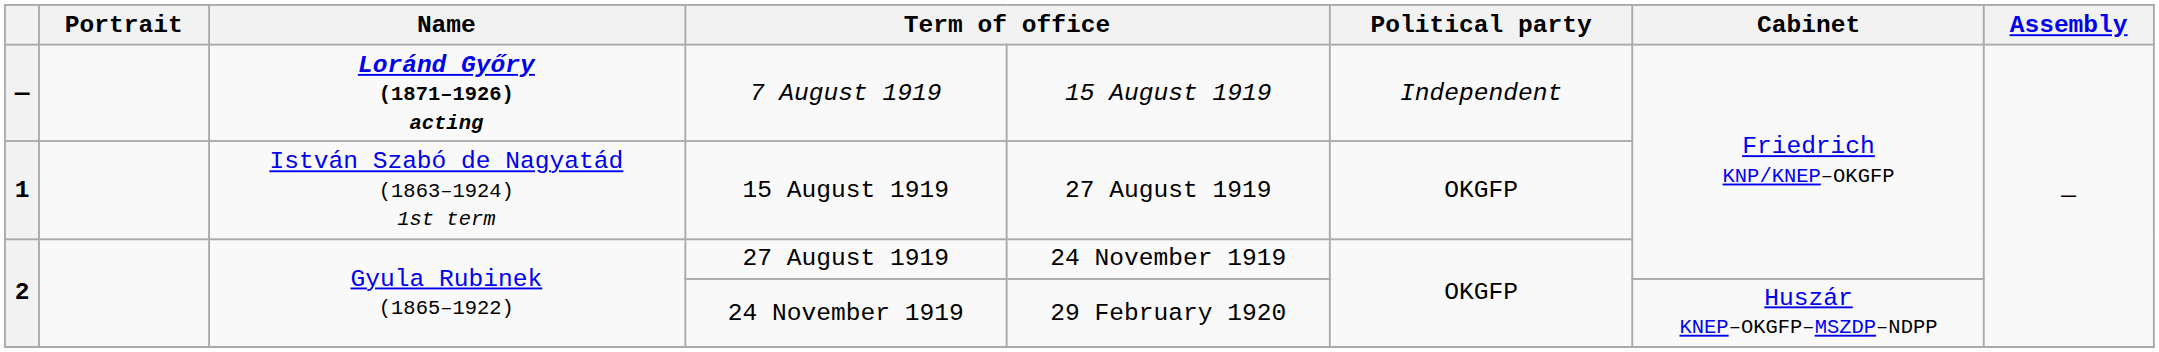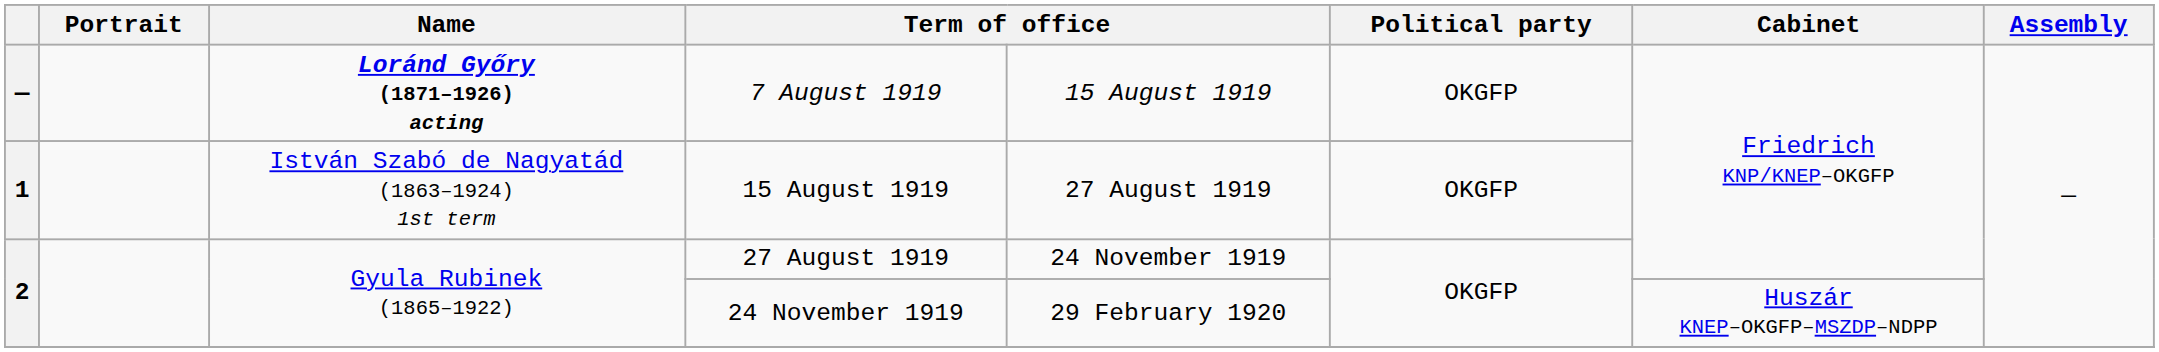 <table class="wikitable" style="width:90%; text-align:center;">
 <tr>
 <th></th>
 <th>Portrait</th>
 <th>Name<br></th>
 <th colspan=2>Term of office</th>
 <th>Political party</th>
 <th>Cabinet</th>
 <th><a href='#'>Assembly</a><br></th>
 </tr>
 <tr>
 <th style="background-color:">—</th>
 <td></td>
 <td><strong><em><a href='#'>Loránd Győry</a></em><br><small>(1871–1926)<br><em>acting</em></small></strong></td>
 <td><em>7 August 1919</em></td>
 <td><em>15 August 1919</em></td>
-<td><em>Independent</em></td>
+<td>OKGFP</td>
 <td rowspan="3"><a href='#'>Friedrich</a><br><small><a href='#'>KNP/KNEP</a>–OKGFP</small></td>
 <td rowspan="4">—</td>
 </tr>
 <tr>
 <th style="background:">1</th>
 <td></td>
 <td><a href='#'>István Szabó de Nagyatád</a><br><small>(1863–1924)<br><em>1st term</em></small></td>
 <td>15 August 1919</td>
 <td>27 August 1919</td>
 <td>OKGFP</td>
 </tr>
 <tr>
 <th rowspan="2" style="background:">2</th>
 <td rowspan="2"></td>
 <td rowspan="2"><a href='#'>Gyula Rubinek</a><br><small>(1865–1922)</small></td>
 <td>27 August 1919</td>
 <td>24 November 1919</td>
 <td rowspan="2">OKGFP</td>
 </tr>
 <tr>
 <td>24 November 1919</td>
 <td>29 February 1920</td>
 <td><a href='#'>Huszár</a><br><small><a href='#'>KNEP</a>–OKGFP–<a href='#'>MSZDP</a>–NDPP</small></td>
 </tr>
 <tr>
 </tr>
 </table>
